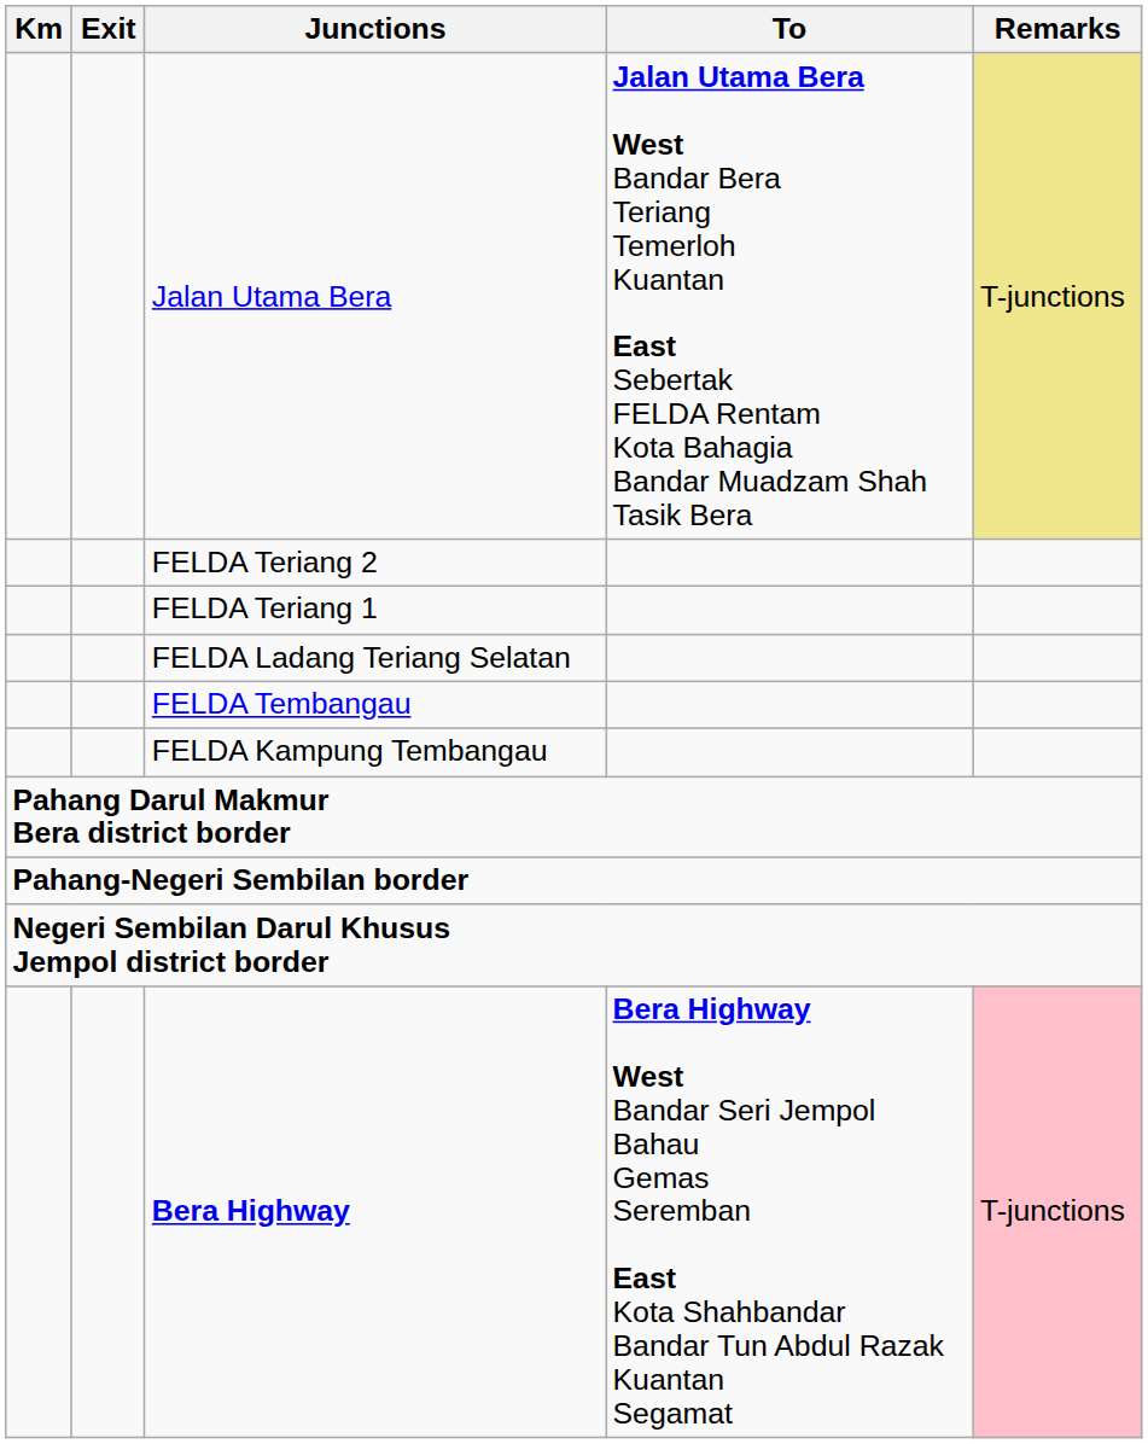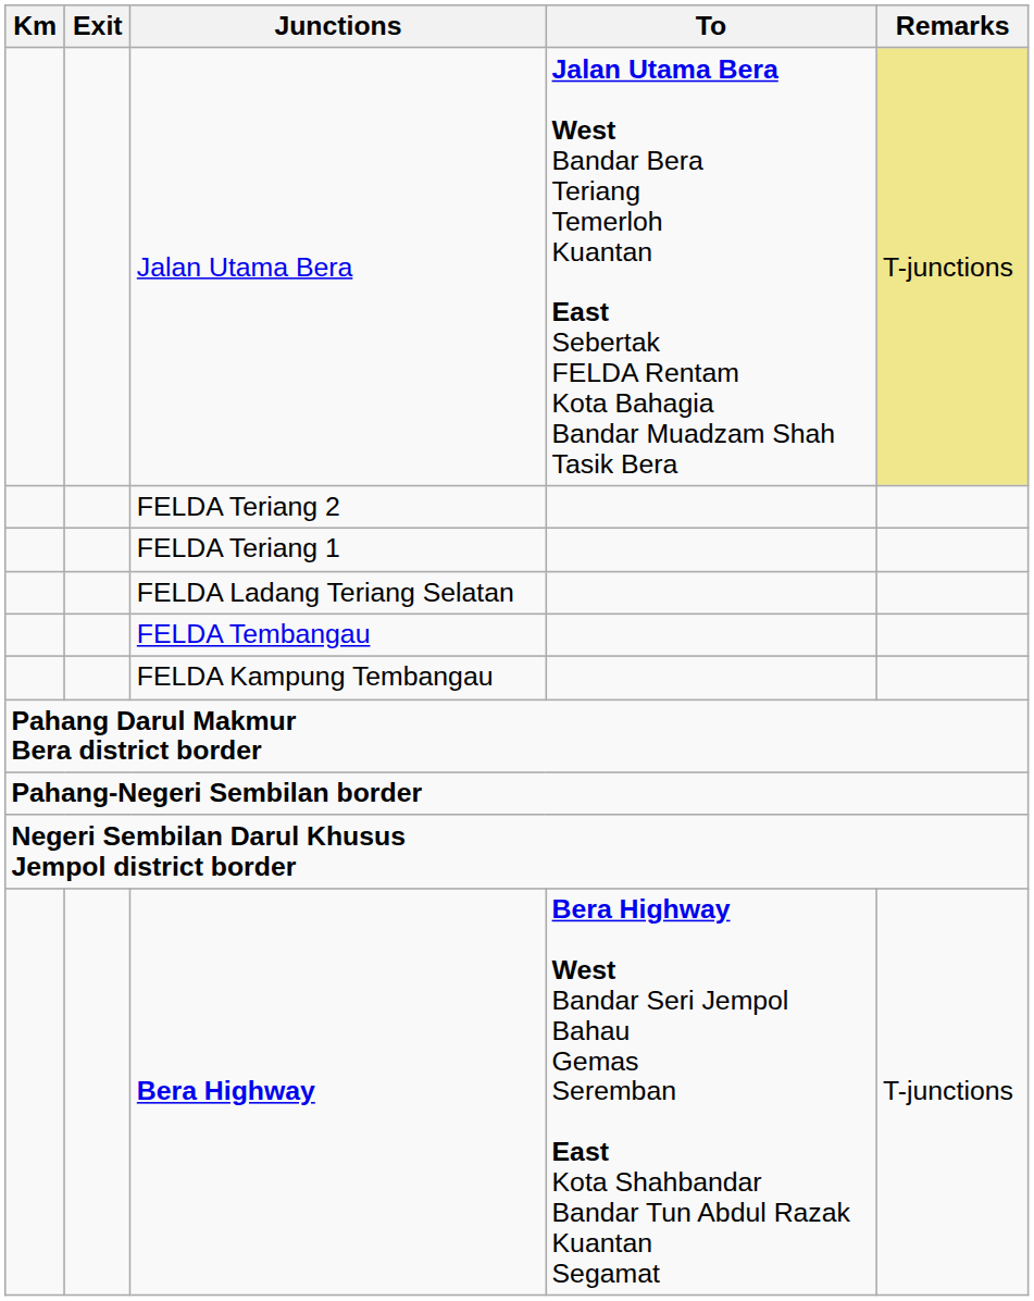 <table class="wikitable">
 <tr>
 <th>Km</th>
 <th>Exit</th>
 <th>Junctions</th>
 <th>To</th>
 <th>Remarks</th>
 </tr>
 <tr>
 <td></td>
 <td></td>
 <td><a href='#'>Jalan Utama Bera</a></td>
 <td> <strong><a href='#'>Jalan Utama Bera</a></strong><br><br><strong>West</strong><br>Bandar Bera<br>Teriang<br>Temerloh<br>Kuantan<br><br><strong>East</strong><br>Sebertak<br>FELDA Rentam<br>Kota Bahagia<br>Bandar Muadzam Shah<br>Tasik Bera</td>
 <td style="background: khaki;">T-junctions</td>
 </tr>
 <tr>
 <td></td>
 <td></td>
 <td>FELDA Teriang 2</td>
 <td></td>
 <td></td>
 </tr>
 <tr>
 <td></td>
 <td></td>
 <td>FELDA Teriang 1</td>
 <td></td>
 <td></td>
 </tr>
 <tr>
 <td></td>
 <td></td>
 <td>FELDA Ladang Teriang Selatan</td>
 <td></td>
 <td></td>
 </tr>
 <tr>
 <td></td>
 <td></td>
 <td><a href='#'>FELDA Tembangau</a></td>
 <td></td>
 <td></td>
 </tr>
 <tr>
 <td></td>
 <td></td>
 <td>FELDA Kampung Tembangau</td>
 <td></td>
 <td></td>
 </tr>
 <tr>
 <td style="width:600px" colspan="6" style="text-align:center; background:blue;"><strong><span>Pahang Darul Makmur<br>Bera district border</span></strong></td>
 </tr>
 <tr>
 <td style="width:600px" colspan="6" style="text-align:center; background:yellow;"><strong><span>Pahang-Negeri Sembilan border</span></strong></td>
 </tr>
 <tr>
 <td style="width:600px" colspan="6" style="text-align:center; background:blue;"><strong><span>Negeri Sembilan Darul Khusus<br>Jempol district border</span></strong></td>
 </tr>
 <tr>
 <td></td>
 <td></td>
 <td><strong><a href='#'>Bera Highway</a></strong></td>
 <td> <strong><a href='#'>Bera Highway</a></strong><br><br><strong>West</strong><br>Bandar Seri Jempol<br>Bahau<br>Gemas<br>Seremban<br><br><strong>East</strong><br>Kota Shahbandar<br>Bandar Tun Abdul Razak<br>Kuantan<br>Segamat</td>
-<td style="background: pink;">T-junctions</td>
+<td>T-junctions</td>
 </tr>
 </table>
